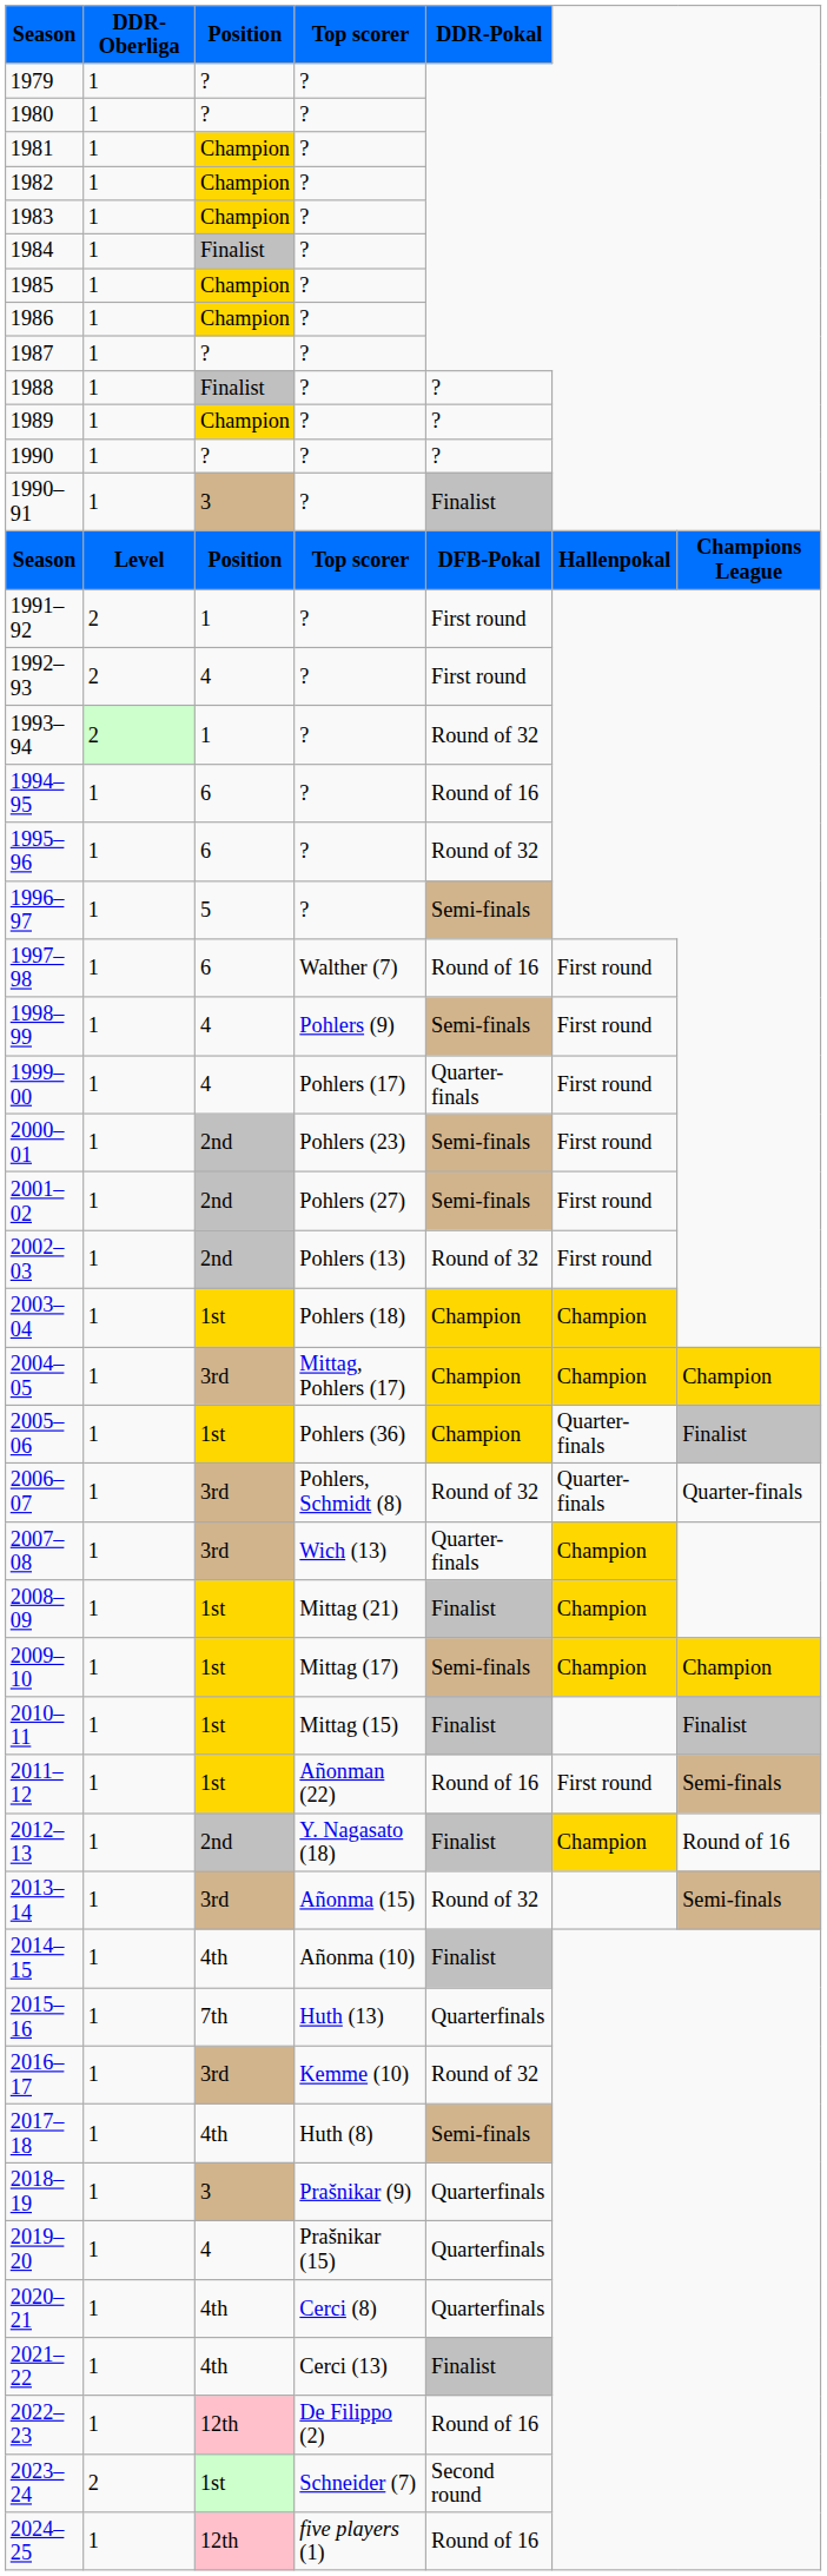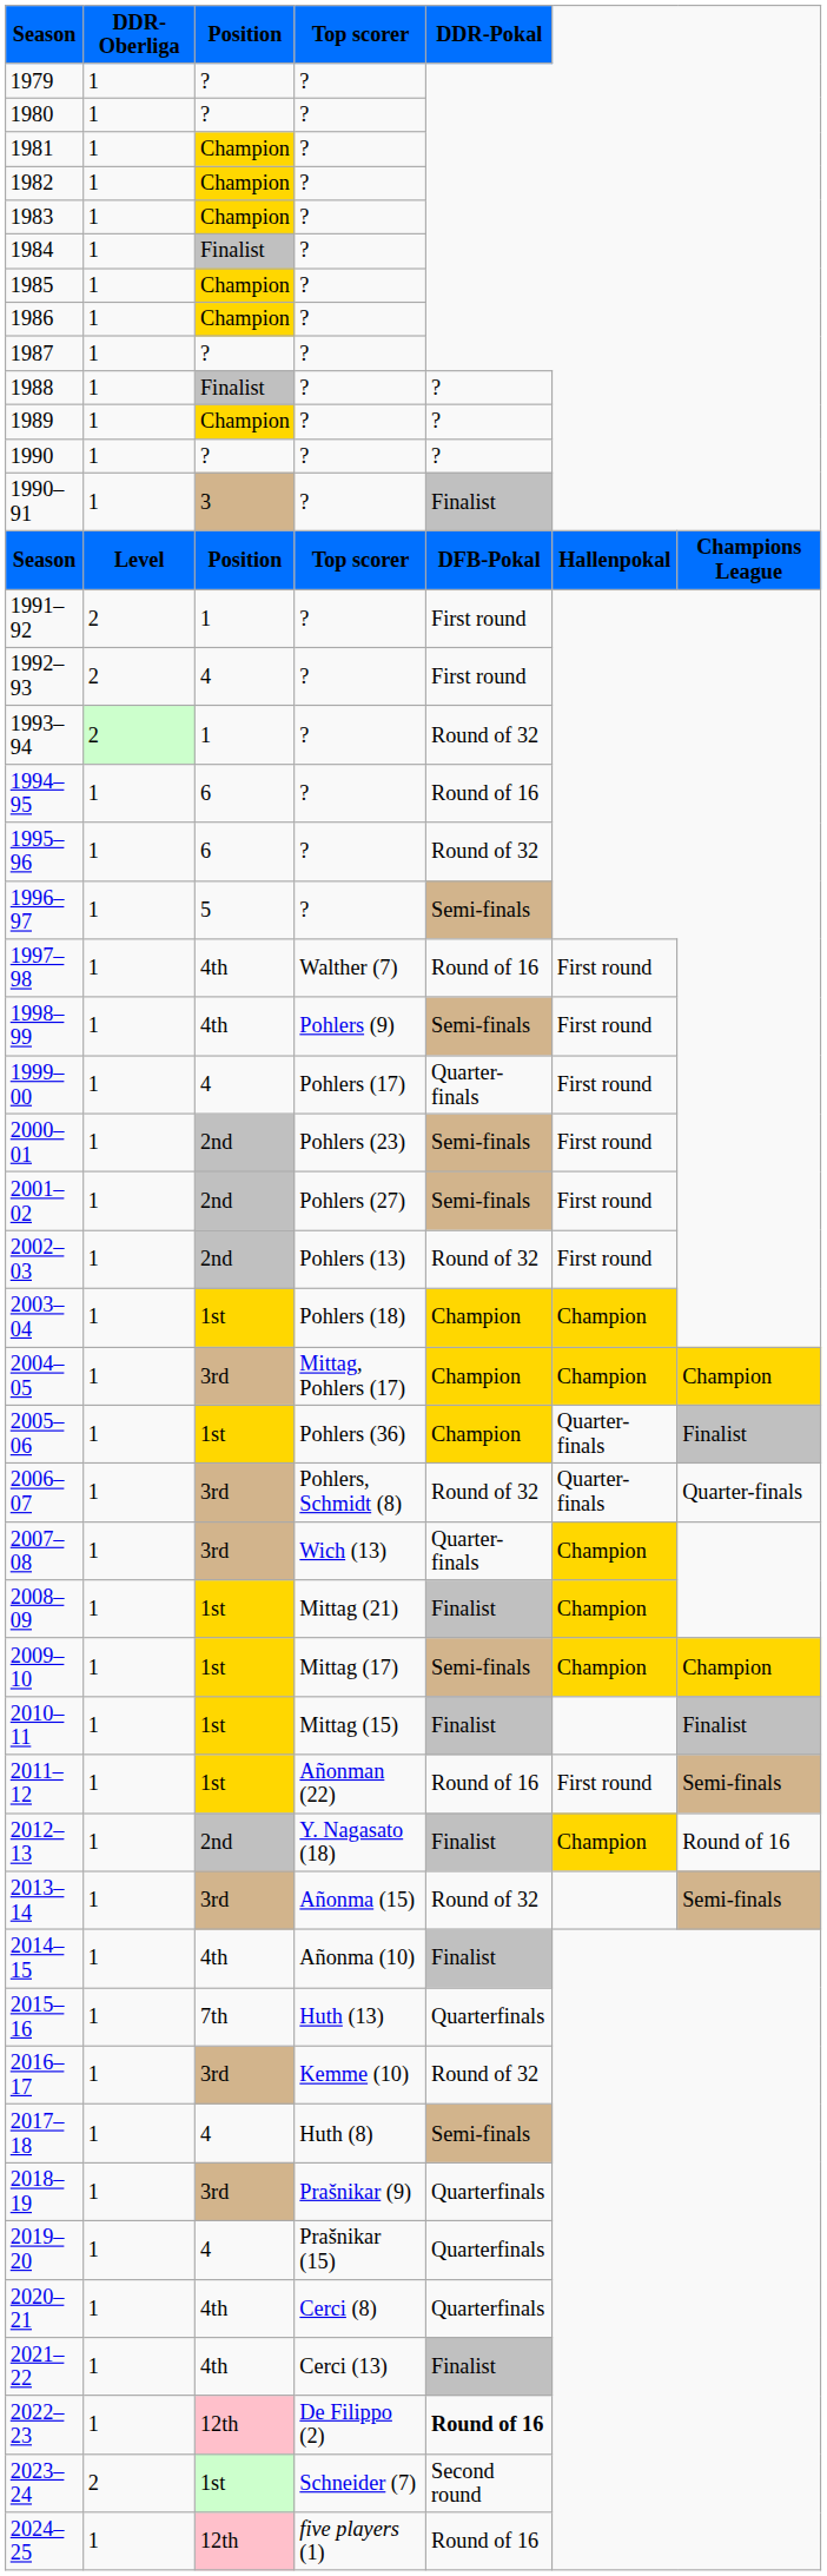 <table class="wikitable" style="align:center">
 <tr>
 <th style="background:#0070FF;"><span>Season</span></th>
 <th style="background:#0070FF;"><span>DDR-Oberliga</span></th>
 <th style="background:#0070FF;"><span>Position</span></th>
 <th style="background:#0070FF;"><span>Top scorer </span></th>
 <th style="background:#0070FF;"><span>DDR-Pokal</span></th>
 </tr>
 <tr>
 <td>1979</td>
 <td>1</td>
 <td>?</td>
 <td>?</td>
 </tr>
 <tr>
 <td>1980</td>
 <td>1</td>
 <td>?</td>
 <td>?</td>
 </tr>
 <tr>
 <td>1981</td>
 <td>1</td>
 <td bgcolor=gold>Champion</td>
 <td>?</td>
 </tr>
 <tr>
 <td>1982</td>
 <td>1</td>
 <td bgcolor=gold>Champion</td>
 <td>?</td>
 </tr>
 <tr>
 <td>1983</td>
 <td>1</td>
 <td bgcolor=gold>Champion</td>
 <td>?</td>
 </tr>
 <tr>
 <td>1984</td>
 <td>1</td>
 <td bgcolor=silver>Finalist</td>
 <td>?</td>
 </tr>
 <tr>
 <td>1985</td>
 <td>1</td>
 <td bgcolor=gold>Champion</td>
 <td>?</td>
 </tr>
 <tr>
 <td>1986</td>
 <td>1</td>
 <td bgcolor=gold>Champion</td>
 <td>?</td>
 </tr>
 <tr>
 <td>1987</td>
 <td>1</td>
 <td>?</td>
 <td>?</td>
 </tr>
 <tr>
 <td>1988</td>
 <td>1</td>
 <td bgcolor=silver>Finalist</td>
 <td>?</td>
 <td>?</td>
 </tr>
 <tr>
 <td>1989</td>
 <td>1</td>
 <td bgcolor=gold>Champion</td>
 <td>?</td>
 <td>?</td>
 </tr>
 <tr>
 <td>1990</td>
 <td>1</td>
 <td>?</td>
 <td>?</td>
 <td>?</td>
 </tr>
 <tr>
 <td>1990–91</td>
 <td>1</td>
 <td bgcolor=#D2B48C>3</td>
 <td>?</td>
 <td bgcolor=silver>Finalist</td>
 </tr>
 <tr>
 <th style="background:#0070FF;"><span>Season</span></th>
 <th style="background:#0070FF;"><span>Level</span></th>
 <th style="background:#0070FF;"><span>Position</span></th>
 <th style="background:#0070FF;"><span>Top scorer </span></th>
 <th style="background:#0070FF;"><span>DFB-Pokal</span></th>
 <th style="background:#0070FF;"><span>Hallenpokal</span></th>
 <th style="background:#0070FF;"><span>Champions League</span></th>
 </tr>
 <tr>
 <td>1991–92</td>
 <td>2</td>
 <td>1</td>
 <td>?</td>
 <td>First round</td>
 </tr>
 <tr>
 <td>1992–93</td>
 <td>2</td>
 <td>4</td>
 <td>?</td>
 <td>First round</td>
 </tr>
 <tr>
 <td>1993–94</td>
 <td bgcolor=#cfc>2</td>
 <td>1</td>
 <td>?</td>
 <td>Round of 32</td>
 </tr>
 <tr>
 <td><a href='#'>1994–95</a></td>
 <td>1</td>
 <td>6</td>
 <td>?</td>
 <td>Round of 16</td>
 </tr>
 <tr>
 <td><a href='#'>1995–96</a></td>
 <td>1</td>
 <td>6</td>
 <td>?</td>
 <td>Round of 32</td>
 </tr>
 <tr>
 <td><a href='#'>1996–97</a></td>
 <td>1</td>
 <td>5</td>
 <td>?</td>
 <td bgcolor=#D2B48C>Semi-finals</td>
 </tr>
 <tr>
 <td><a href='#'>1997–98</a></td>
 <td>1</td>
-<td>6</td>
+<td>4th</td>
 <td>Walther (7)</td>
 <td>Round of 16</td>
 <td>First round</td>
 </tr>
 <tr>
 <td><a href='#'>1998–99</a></td>
 <td>1</td>
-<td>4</td>
+<td>4th</td>
 <td><a href='#'>Pohlers</a> (9)</td>
 <td bgcolor=#D2B48C>Semi-finals</td>
 <td>First round</td>
 </tr>
 <tr>
 <td><a href='#'>1999–00</a></td>
 <td>1</td>
 <td>4</td>
 <td>Pohlers (17)</td>
 <td>Quarter-finals</td>
 <td>First round</td>
 </tr>
 <tr>
 <td><a href='#'>2000–01</a></td>
 <td>1</td>
 <td bgcolor=silver>2nd</td>
 <td>Pohlers (23)</td>
 <td bgcolor=#D2B48C>Semi-finals</td>
 <td>First round</td>
 </tr>
 <tr>
 <td><a href='#'>2001–02</a></td>
 <td>1</td>
 <td bgcolor=silver>2nd</td>
 <td>Pohlers (27)</td>
 <td bgcolor=#D2B48C>Semi-finals</td>
 <td>First round</td>
 </tr>
 <tr>
 <td><a href='#'>2002–03</a></td>
 <td>1</td>
 <td bgcolor=silver>2nd</td>
 <td>Pohlers (13)</td>
 <td>Round of 32</td>
 <td>First round</td>
 </tr>
 <tr>
 <td><a href='#'>2003–04</a></td>
 <td>1</td>
 <td bgcolor=gold>1st</td>
 <td>Pohlers (18)</td>
 <td bgcolor=gold>Champion</td>
 <td bgcolor=gold>Champion</td>
 </tr>
 <tr>
 <td><a href='#'>2004–05</a></td>
 <td>1</td>
 <td bgcolor=#D2B48C>3rd</td>
 <td><a href='#'>Mittag</a>, Pohlers (17)</td>
 <td bgcolor=gold>Champion</td>
 <td bgcolor=gold>Champion</td>
 <td bgcolor=gold>Champion</td>
 </tr>
 <tr>
 <td><a href='#'>2005–06</a></td>
 <td>1</td>
 <td bgcolor=gold>1st</td>
 <td>Pohlers (36)</td>
 <td bgcolor=gold>Champion</td>
 <td>Quarter-finals</td>
 <td bgcolor=silver>Finalist</td>
 </tr>
 <tr>
 <td><a href='#'>2006–07</a></td>
 <td>1</td>
 <td bgcolor=#D2B48C>3rd</td>
 <td>Pohlers, <a href='#'>Schmidt</a> (8)</td>
 <td>Round of 32</td>
 <td>Quarter-finals</td>
 <td>Quarter-finals</td>
 </tr>
 <tr>
 <td><a href='#'>2007–08</a></td>
 <td>1</td>
 <td bgcolor=#D2B48C>3rd</td>
 <td><a href='#'>Wich</a> (13)</td>
 <td>Quarter-finals</td>
 <td bgcolor=gold>Champion</td>
 </tr>
 <tr>
 <td><a href='#'>2008–09</a></td>
 <td>1</td>
 <td bgcolor=gold>1st</td>
 <td>Mittag (21)</td>
 <td bgcolor=silver>Finalist</td>
 <td bgcolor=gold>Champion</td>
 </tr>
 <tr>
 <td><a href='#'>2009–10</a></td>
 <td>1</td>
 <td bgcolor=gold>1st</td>
 <td>Mittag (17)</td>
 <td bgcolor=#D2B48C>Semi-finals</td>
 <td bgcolor=gold>Champion</td>
 <td bgcolor=gold>Champion</td>
 </tr>
 <tr>
 <td><a href='#'>2010–11</a></td>
 <td>1</td>
 <td bgcolor=gold>1st</td>
 <td>Mittag (15)</td>
 <td bgcolor=silver>Finalist</td>
 <td></td>
 <td bgcolor=silver>Finalist</td>
 </tr>
 <tr>
 <td><a href='#'>2011–12</a></td>
 <td>1</td>
 <td bgcolor=gold>1st</td>
 <td><a href='#'>Añonman</a> (22)</td>
 <td>Round of 16</td>
 <td>First round</td>
 <td bgcolor=#D2B48C>Semi-finals</td>
 </tr>
 <tr>
 <td><a href='#'>2012–13</a></td>
 <td>1</td>
 <td bgcolor=silver>2nd</td>
 <td><a href='#'>Y. Nagasato</a> (18)</td>
 <td bgcolor=silver>Finalist</td>
 <td bgcolor=gold>Champion</td>
 <td>Round of 16</td>
 </tr>
 <tr>
 <td><a href='#'>2013–14</a></td>
 <td>1</td>
 <td bgcolor=#D2B48C>3rd</td>
 <td><a href='#'>Añonma</a> (15)</td>
 <td>Round of 32</td>
 <td></td>
 <td bgcolor=#D2B48C>Semi-finals</td>
 </tr>
 <tr>
 <td><a href='#'>2014–15</a></td>
 <td>1</td>
 <td>4th</td>
 <td>Añonma (10)</td>
 <td bgcolor=silver>Finalist</td>
 </tr>
 <tr>
 <td><a href='#'>2015–16</a></td>
 <td>1</td>
 <td>7th</td>
 <td><a href='#'>Huth</a> (13)</td>
 <td>Quarterfinals</td>
 </tr>
 <tr>
 <td><a href='#'>2016–17</a></td>
 <td>1</td>
 <td bgcolor=#D2B48C>3rd</td>
 <td><a href='#'>Kemme</a> (10)</td>
 <td>Round of 32</td>
 </tr>
 <tr>
 <td><a href='#'>2017–18</a></td>
 <td>1</td>
-<td>4th</td>
+<td>4</td>
 <td>Huth (8)</td>
 <td bgcolor=#D2B48C>Semi-finals</td>
 </tr>
 <tr>
 <td><a href='#'>2018–19</a></td>
 <td>1</td>
-<td bgcolor=#D2B48C>3</td>
+<td bgcolor=#D2B48C>3rd</td>
 <td><a href='#'>Prašnikar</a> (9)</td>
 <td>Quarterfinals</td>
 </tr>
 <tr>
 <td><a href='#'>2019–20</a></td>
 <td>1</td>
 <td>4</td>
 <td>Prašnikar (15)</td>
 <td>Quarterfinals</td>
 </tr>
 <tr>
 <td><a href='#'>2020–21</a></td>
 <td>1</td>
 <td>4th</td>
 <td><a href='#'>Cerci</a> (8)</td>
 <td>Quarterfinals</td>
 </tr>
 <tr>
 <td><a href='#'>2021–22</a></td>
 <td>1</td>
 <td>4th</td>
 <td>Cerci (13)</td>
 <td bgcolor=silver>Finalist</td>
 </tr>
 <tr>
 <td><a href='#'>2022–23</a></td>
 <td>1</td>
 <td bgcolor=pink>12th</td>
 <td><a href='#'>De Filippo</a> (2)</td>
-<td>Round of 16</td>
+<td><strong>Round of 16</strong></td>
 </tr>
 <tr>
 <td><a href='#'>2023–24</a></td>
 <td>2</td>
 <td bgcolor=ccffcc>1st</td>
 <td><a href='#'>Schneider</a> (7)</td>
 <td>Second round</td>
 </tr>
 <tr>
 <td><a href='#'>2024–25</a></td>
 <td>1</td>
 <td bgcolor=pink>12th</td>
 <td><em>five players </em>(1)</td>
 <td>Round of 16</td>
 </tr>
 </table>
